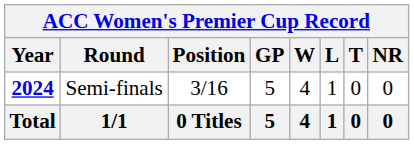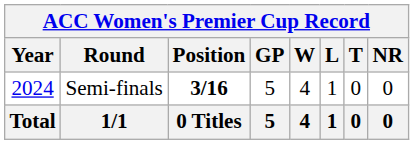 <table class="wikitable" style="text-align: center; width=900px;">
 <tr>
 <th colspan="8"><a href='#'>ACC Women's Premier Cup Record</a></th>
 </tr>
 <tr>
 <th>Year</th>
 <th>Round</th>
 <th>Position</th>
 <th>GP</th>
 <th>W</th>
 <th>L</th>
 <th>T</th>
 <th>NR</th>
 </tr>
 <tr bgcolor=white>
-<td style=><strong><a href='#'>2024</a> </strong></td>
+<td style=><a href='#'>2024</a> </td>
 <td>Semi-finals</td>
-<td>3/16</td>
+<td><strong>3/16</strong></td>
 <td>5</td>
 <td>4</td>
 <td>1</td>
 <td>0</td>
 <td>0</td>
 </tr>
 <tr>
 <th>Total</th>
 <th>1/1</th>
 <th>0 Titles</th>
 <th>5</th>
 <th>4</th>
 <th>1</th>
 <th>0</th>
 <th>0</th>
 </tr>
 </table>
